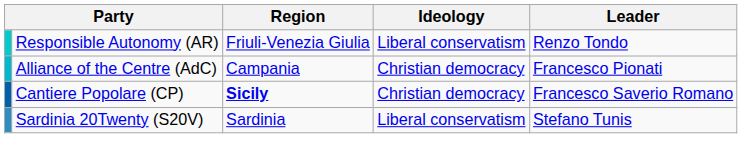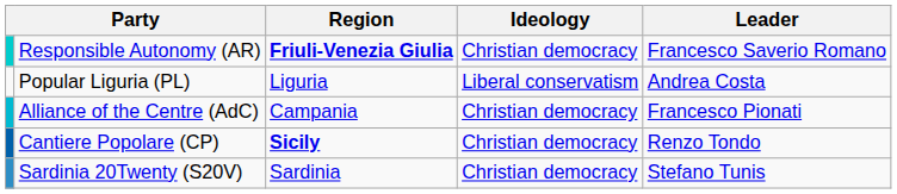 <table class=wikitable style=text-align:left>
 <tr>
 <th colspan=2>Party</th>
 <th>Region</th>
 <th>Ideology</th>
 <th>Leader</th>
 </tr>
 <tr>
 <td bgcolor="#00CCCC"></td>
 <td><a href='#'>Responsible Autonomy</a> (AR)</td>
-<td><a href='#'>Friuli-Venezia Giulia</a></td>
+<td><strong><a href='#'>Friuli-Venezia Giulia</a></strong></td>
+<td><a href='#'>Christian democracy</a></td>
+<td><a href='#'>Francesco Saverio Romano</a></td>
+</tr>
+<tr>
+<td></td>
+<td>Popular Liguria (PL)</td>
+<td><a href='#'>Liguria</a></td>
 <td><a href='#'>Liberal conservatism</a></td>
-<td><a href='#'>Renzo Tondo</a></td>
+<td><a href='#'>Andrea Costa</a></td>
 </tr>
 <tr>
 <td bgcolor="#00B9D1"></td>
 <td><a href='#'>Alliance of the Centre</a> (AdC)</td>
 <td><a href='#'>Campania</a></td>
 <td><a href='#'>Christian democracy</a></td>
 <td><a href='#'>Francesco Pionati</a></td>
 </tr>
 <tr>
 <td bgcolor="#0060AA"></td>
 <td><a href='#'>Cantiere Popolare</a> (CP)</td>
 <td><strong><a href='#'>Sicily</a></strong></td>
 <td><a href='#'>Christian democracy</a></td>
-<td><a href='#'>Francesco Saverio Romano</a></td>
+<td><a href='#'>Renzo Tondo</a></td>
 </tr>
 <tr>
 <td bgcolor="#2d8ec5"></td>
 <td><a href='#'>Sardinia 20Twenty</a> (S20V)</td>
 <td><a href='#'>Sardinia</a></td>
-<td><a href='#'>Liberal conservatism</a></td>
+<td><a href='#'>Christian democracy</a></td>
 <td><a href='#'>Stefano Tunis</a></td>
 </tr>
 </table>
